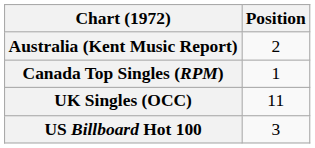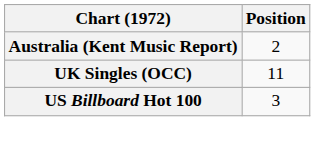 <table class="wikitable sortable plainrowheaders" style="text-align:center">
 <tr>
 <th>Chart (1972)</th>
 <th>Position</th>
 </tr>
 <tr>
 <th scope="row">Australia (Kent Music Report)</th>
 <td>2</td>
 </tr>
 <tr>
-<th scope="row">Canada Top Singles (<em>RPM</em>)</th>
-<td>1</td>
-</tr>
-<tr>
 <th scope="row">UK Singles (OCC)</th>
 <td>11</td>
 </tr>
 <tr>
 <th scope="row">US <em>Billboard</em> Hot 100</th>
 <td>3</td>
 </tr>
 </table>
